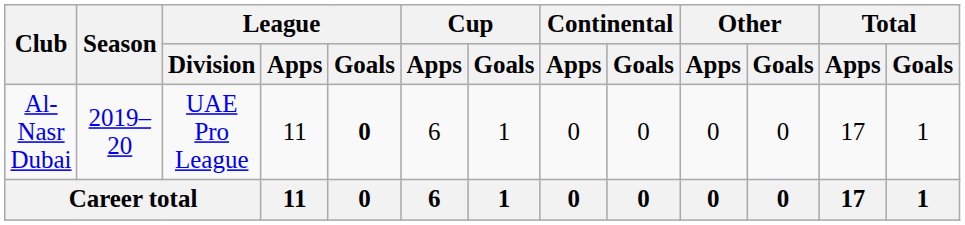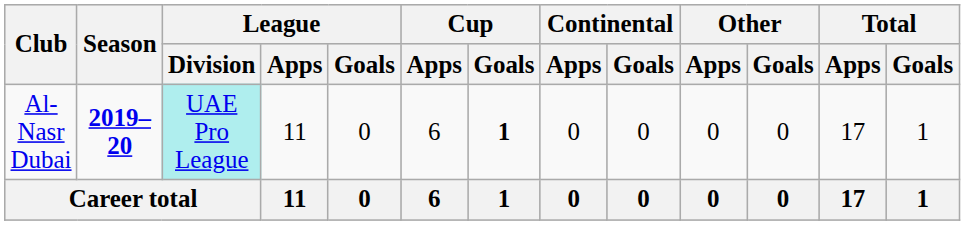 <table class="wikitable" style="text-align: center">
 <tr>
 <th rowspan="2">Club</th>
 <th rowspan="2">Season</th>
 <th colspan="3">League</th>
 <th colspan="2">Cup</th>
 <th colspan="2">Continental</th>
 <th colspan="2">Other</th>
 <th colspan="2">Total</th>
 </tr>
 <tr>
 <th>Division</th>
 <th>Apps</th>
 <th>Goals</th>
 <th>Apps</th>
 <th>Goals</th>
 <th>Apps</th>
 <th>Goals</th>
 <th>Apps</th>
 <th>Goals</th>
 <th>Apps</th>
 <th>Goals</th>
 </tr>
 <tr>
 <td><a href='#'>Al-Nasr Dubai</a></td>
-<td><a href='#'>2019–20</a></td>
-<td><a href='#'>UAE Pro League</a></td>
+<td><strong><a href='#'>2019–20</a></strong></td>
+<td style="background: paleturquoise;"><a href='#'>UAE Pro League</a></td>
 <td>11</td>
-<td><strong>0</strong></td>
+<td>0</td>
 <td>6</td>
-<td>1</td>
+<td><strong>1</strong></td>
 <td>0</td>
 <td>0</td>
 <td>0</td>
 <td>0</td>
 <td>17</td>
 <td>1</td>
 </tr>
 <tr>
 <th colspan="3"><strong>Career total</strong></th>
 <th>11</th>
 <th>0</th>
 <th>6</th>
 <th>1</th>
 <th>0</th>
 <th>0</th>
 <th>0</th>
 <th>0</th>
 <th>17</th>
 <th>1</th>
 </tr>
 </table>
